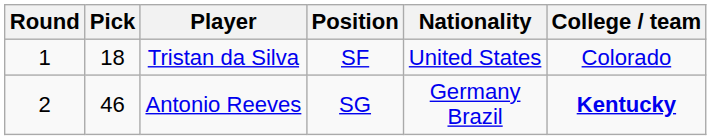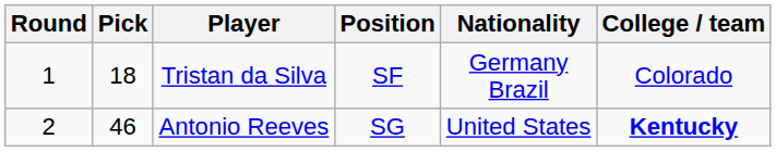 <table class="wikitable sortable sortable">
 <tr>
 <th>Round</th>
 <th>Pick</th>
 <th>Player</th>
 <th>Position</th>
 <th>Nationality</th>
 <th>College / team</th>
 </tr>
 <tr style="text-align: center">
 <td>1</td>
 <td>18</td>
 <td><a href='#'>Tristan da Silva</a></td>
 <td><a href='#'>SF</a></td>
-<td> <a href='#'>United States</a></td>
+<td> <a href='#'>Germany</a><br> <a href='#'>Brazil</a></td>
 <td><a href='#'>Colorado</a></td>
 </tr>
 <tr style="text-align: center">
 <td>2</td>
 <td>46</td>
 <td><a href='#'>Antonio Reeves</a></td>
 <td><a href='#'>SG</a></td>
-<td> <a href='#'>Germany</a><br> <a href='#'>Brazil</a></td>
+<td> <a href='#'>United States</a></td>
 <td><strong><a href='#'>Kentucky</a></strong></td>
 </tr>
 </table>
